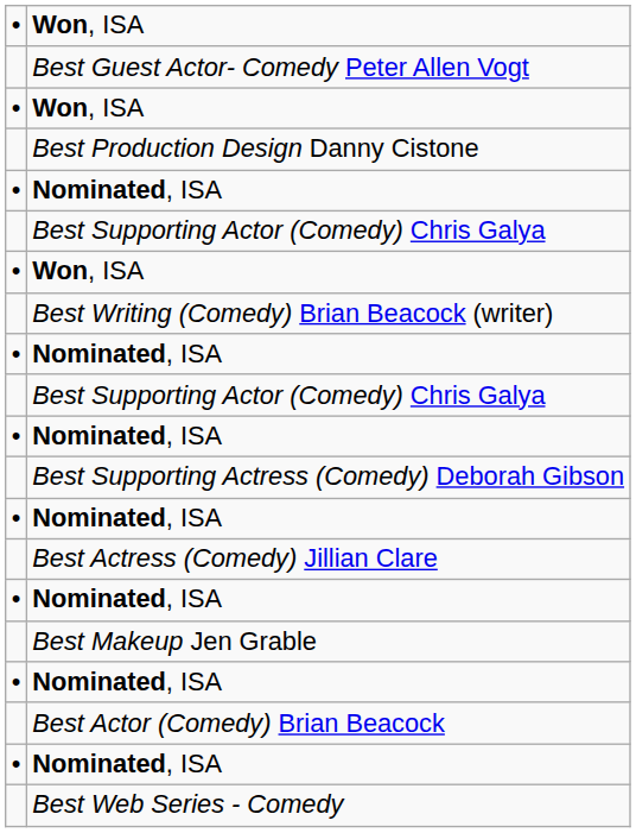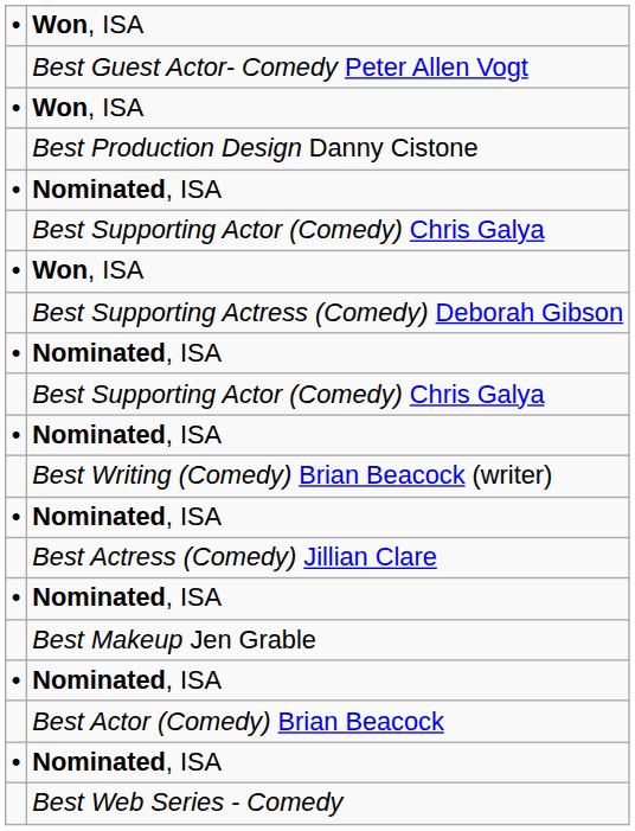 <table class="wikitable">
 <tr>
 <td>•</td>
 <td><strong>Won</strong>, ISA</td>
 </tr>
 <tr>
 <td></td>
 <td><em>Best Guest Actor- Comedy</em> <a href='#'>Peter Allen Vogt</a></td>
 </tr>
 <tr>
 <td>•</td>
 <td><strong>Won</strong>, ISA</td>
 </tr>
 <tr>
 <td></td>
 <td><em>Best Production Design</em> Danny Cistone</td>
 </tr>
 <tr>
 <td>•</td>
 <td><strong>Nominated</strong>, ISA</td>
 </tr>
 <tr>
 <td></td>
 <td><em>Best Supporting Actor (Comedy)</em> <a href='#'>Chris Galya</a></td>
 </tr>
 <tr>
 <td>•</td>
 <td><strong>Won</strong>, ISA</td>
 </tr>
 <tr>
 <td></td>
-<td><em>Best Writing (Comedy)</em> <a href='#'>Brian Beacock</a> (writer)</td>
+<td><em>Best Supporting Actress (Comedy)</em> <a href='#'>Deborah Gibson</a></td>
 </tr>
 <tr>
 <td>•</td>
 <td><strong>Nominated</strong>, ISA</td>
 </tr>
 <tr>
 <td></td>
 <td><em>Best Supporting Actor (Comedy)</em> <a href='#'>Chris Galya</a></td>
 </tr>
 <tr>
 <td>•</td>
 <td><strong>Nominated</strong>, ISA</td>
 </tr>
 <tr>
 <td></td>
-<td><em>Best Supporting Actress (Comedy)</em> <a href='#'>Deborah Gibson</a></td>
+<td><em>Best Writing (Comedy)</em> <a href='#'>Brian Beacock</a> (writer)</td>
 </tr>
 <tr>
 <td>•</td>
 <td><strong>Nominated</strong>, ISA</td>
 </tr>
 <tr>
 <td></td>
 <td><em>Best Actress (Comedy)</em> <a href='#'>Jillian Clare</a></td>
 </tr>
 <tr>
 <td>•</td>
 <td><strong>Nominated</strong>, ISA</td>
 </tr>
 <tr>
 <td></td>
 <td><em>Best Makeup</em> Jen Grable</td>
 </tr>
 <tr>
 <td>•</td>
 <td><strong>Nominated</strong>, ISA</td>
 </tr>
 <tr>
 <td></td>
 <td><em>Best Actor (Comedy)</em> <a href='#'>Brian Beacock</a></td>
 </tr>
 <tr>
 <td>•</td>
 <td><strong>Nominated</strong>, ISA</td>
 </tr>
 <tr>
 <td></td>
 <td><em>Best Web Series - Comedy</em></td>
 </tr>
 </table>
